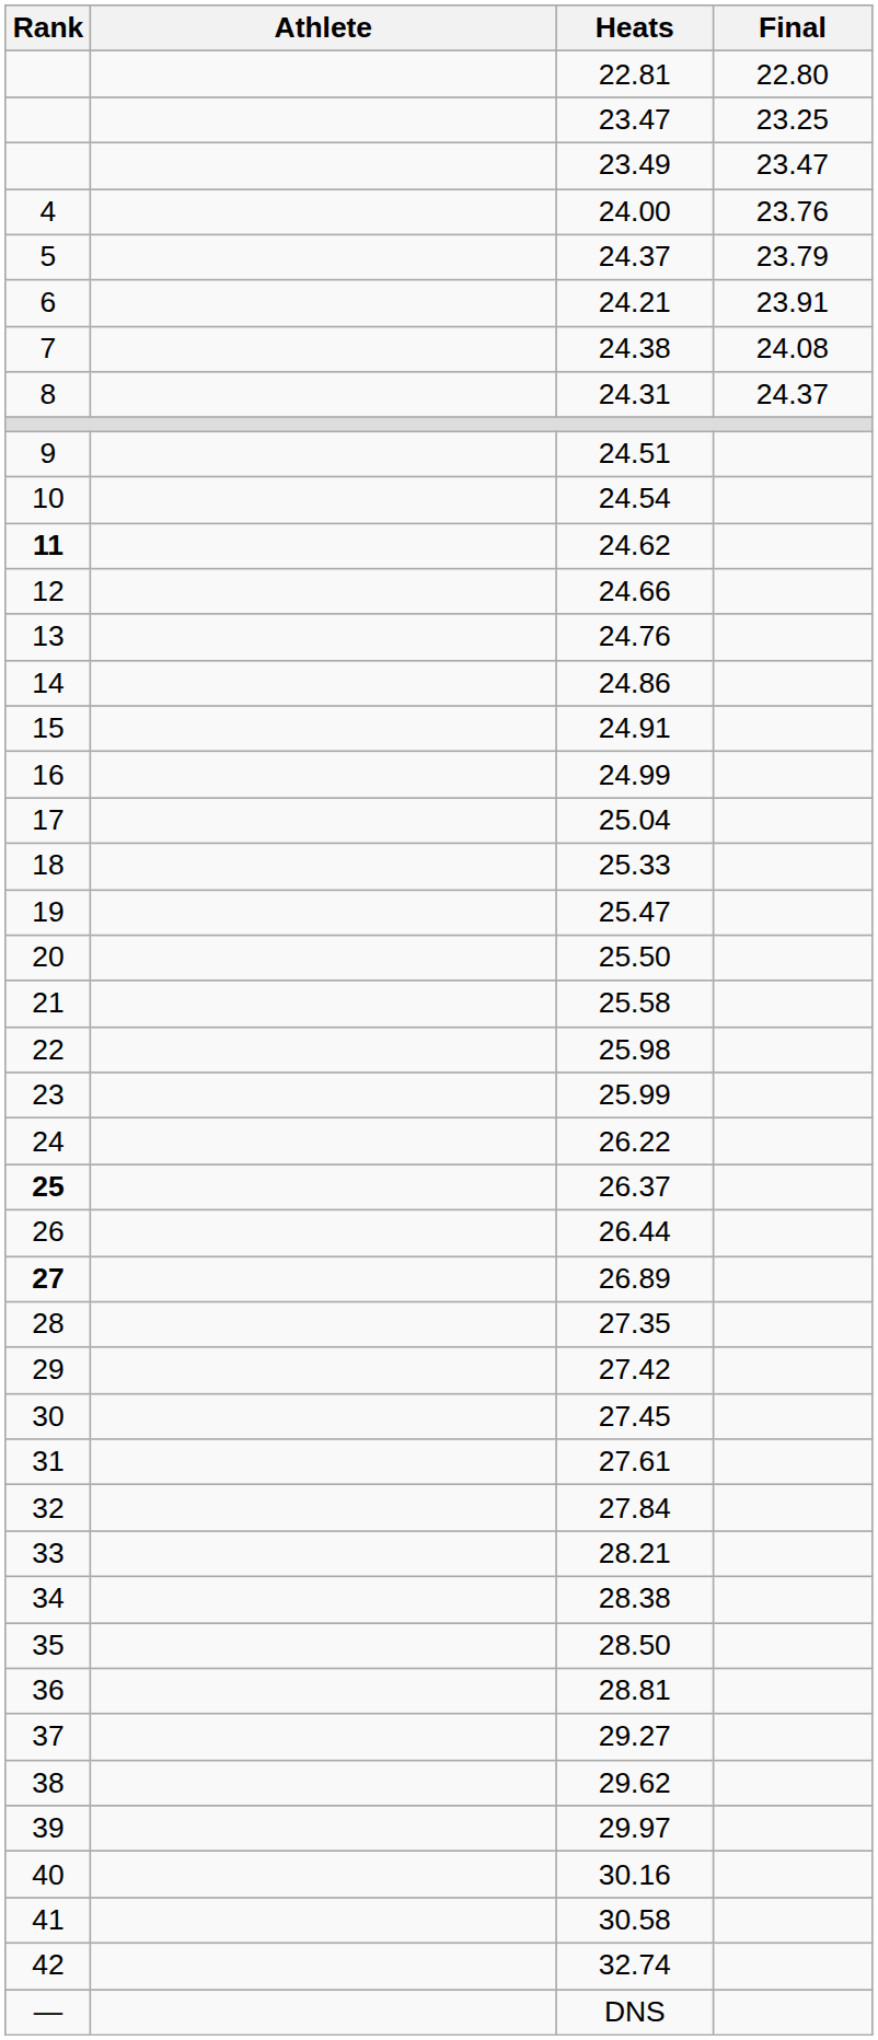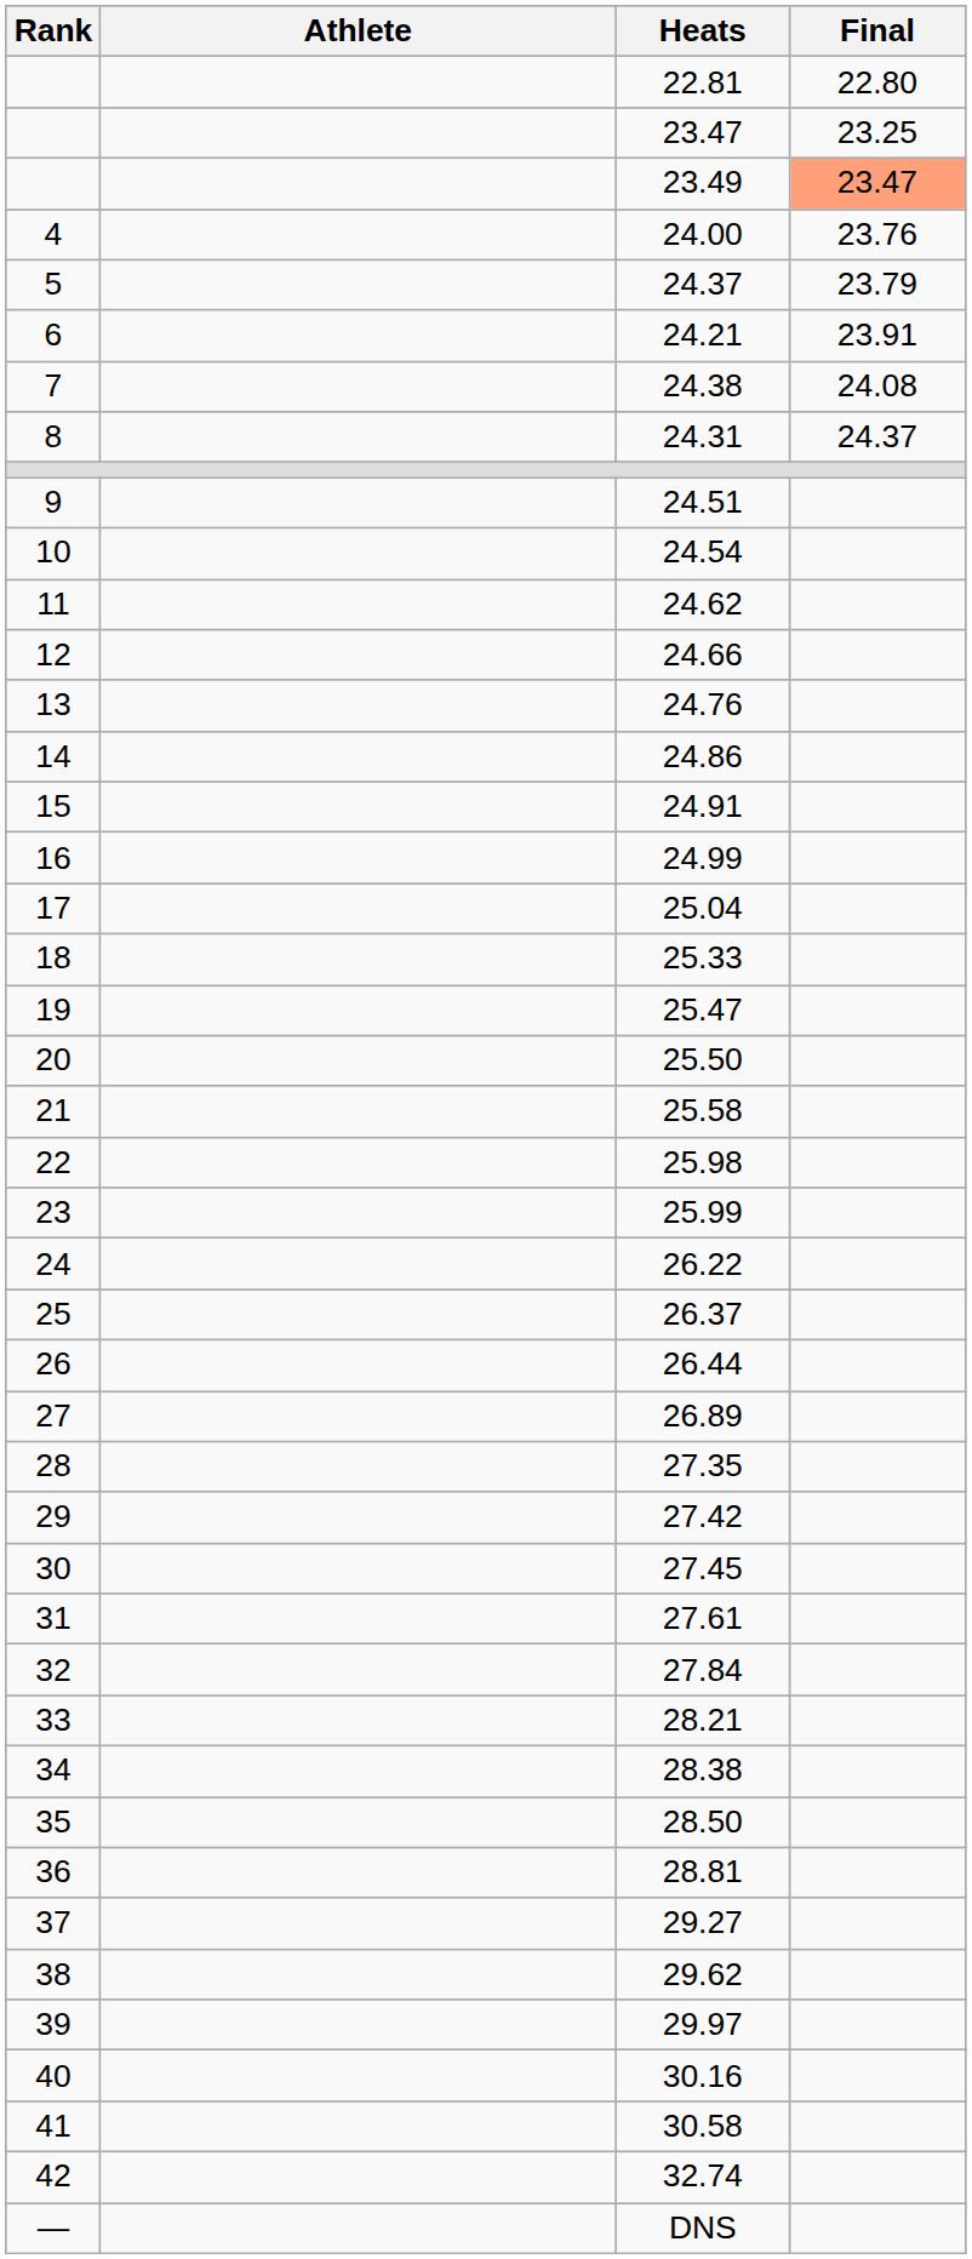 <table class=wikitable style="text-align:center">
 <tr>
 <th width=40>Rank</th>
 <th width=250>Athlete</th>
 <th width=80>Heats</th>
 <th width=80>Final</th>
 </tr>
 <tr>
 <td></td>
 <td align=left></td>
 <td>22.81</td>
 <td>22.80</td>
 </tr>
 <tr>
 <td></td>
 <td align=left></td>
 <td>23.47</td>
 <td>23.25</td>
 </tr>
 <tr>
 <td></td>
 <td align=left></td>
 <td>23.49</td>
-<td>23.47</td>
+<td style="background: lightsalmon;">23.47</td>
 </tr>
 <tr>
 <td>4</td>
 <td align=left></td>
 <td>24.00</td>
 <td>23.76</td>
 </tr>
 <tr>
 <td>5</td>
 <td align=left></td>
 <td>24.37</td>
 <td>23.79</td>
 </tr>
 <tr>
 <td>6</td>
 <td align=left></td>
 <td>24.21</td>
 <td>23.91</td>
 </tr>
 <tr>
 <td>7</td>
 <td align=left></td>
 <td>24.38</td>
 <td>24.08</td>
 </tr>
 <tr>
 <td>8</td>
 <td align=left></td>
 <td>24.31</td>
 <td>24.37</td>
 </tr>
 <tr bgcolor=#DDDDDD>
 <td colspan=4></td>
 </tr>
 <tr>
 <td>9</td>
 <td align=left></td>
 <td>24.51</td>
 <td></td>
 </tr>
 <tr>
 <td>10</td>
 <td align=left></td>
 <td>24.54</td>
 <td></td>
 </tr>
 <tr>
-<td><strong>11</strong></td>
+<td>11</td>
 <td align=left></td>
 <td>24.62</td>
 <td></td>
 </tr>
 <tr>
 <td>12</td>
 <td align=left></td>
 <td>24.66</td>
 <td></td>
 </tr>
 <tr>
 <td>13</td>
 <td align=left></td>
 <td>24.76</td>
 <td></td>
 </tr>
 <tr>
 <td>14</td>
 <td align=left></td>
 <td>24.86</td>
 <td></td>
 </tr>
 <tr>
 <td>15</td>
 <td align=left></td>
 <td>24.91</td>
 <td></td>
 </tr>
 <tr>
 <td>16</td>
 <td align=left></td>
 <td>24.99</td>
 <td></td>
 </tr>
 <tr>
 <td>17</td>
 <td align=left></td>
 <td>25.04</td>
 <td></td>
 </tr>
 <tr>
 <td>18</td>
 <td align=left></td>
 <td>25.33</td>
 <td></td>
 </tr>
 <tr>
 <td>19</td>
 <td align=left></td>
 <td>25.47</td>
 <td></td>
 </tr>
 <tr>
 <td>20</td>
 <td align=left></td>
 <td>25.50</td>
 <td></td>
 </tr>
 <tr>
 <td>21</td>
 <td align=left></td>
 <td>25.58</td>
 <td></td>
 </tr>
 <tr>
 <td>22</td>
 <td align=left></td>
 <td>25.98</td>
 <td></td>
 </tr>
 <tr>
 <td>23</td>
 <td align=left></td>
 <td>25.99</td>
 <td></td>
 </tr>
 <tr>
 <td>24</td>
 <td align=left></td>
 <td>26.22</td>
 <td></td>
 </tr>
 <tr>
-<td><strong>25</strong></td>
+<td>25</td>
 <td align=left></td>
 <td>26.37</td>
 <td></td>
 </tr>
 <tr>
 <td>26</td>
 <td align=left></td>
 <td>26.44</td>
 <td></td>
 </tr>
 <tr>
-<td><strong>27</strong></td>
+<td>27</td>
 <td align=left></td>
 <td>26.89</td>
 <td></td>
 </tr>
 <tr>
 <td>28</td>
 <td align=left></td>
 <td>27.35</td>
 <td></td>
 </tr>
 <tr>
 <td>29</td>
 <td align=left></td>
 <td>27.42</td>
 <td></td>
 </tr>
 <tr>
 <td>30</td>
 <td align=left></td>
 <td>27.45</td>
 <td></td>
 </tr>
 <tr>
 <td>31</td>
 <td align=left></td>
 <td>27.61</td>
 <td></td>
 </tr>
 <tr>
 <td>32</td>
 <td align=left></td>
 <td>27.84</td>
 <td></td>
 </tr>
 <tr>
 <td>33</td>
 <td align=left></td>
 <td>28.21</td>
 <td></td>
 </tr>
 <tr>
 <td>34</td>
 <td align=left></td>
 <td>28.38</td>
 <td></td>
 </tr>
 <tr>
 <td>35</td>
 <td align=left></td>
 <td>28.50</td>
 <td></td>
 </tr>
 <tr>
 <td>36</td>
 <td align=left></td>
 <td>28.81</td>
 <td></td>
 </tr>
 <tr>
 <td>37</td>
 <td align=left></td>
 <td>29.27</td>
 <td></td>
 </tr>
 <tr>
 <td>38</td>
 <td align=left></td>
 <td>29.62</td>
 <td></td>
 </tr>
 <tr>
 <td>39</td>
 <td align=left></td>
 <td>29.97</td>
 <td></td>
 </tr>
 <tr>
 <td>40</td>
 <td align=left></td>
 <td>30.16</td>
 <td></td>
 </tr>
 <tr>
 <td>41</td>
 <td align=left></td>
 <td>30.58</td>
 <td></td>
 </tr>
 <tr>
 <td>42</td>
 <td align=left></td>
 <td>32.74</td>
 <td></td>
 </tr>
 <tr>
 <td>—</td>
 <td align=left></td>
 <td>DNS</td>
 <td></td>
 </tr>
 </table>
